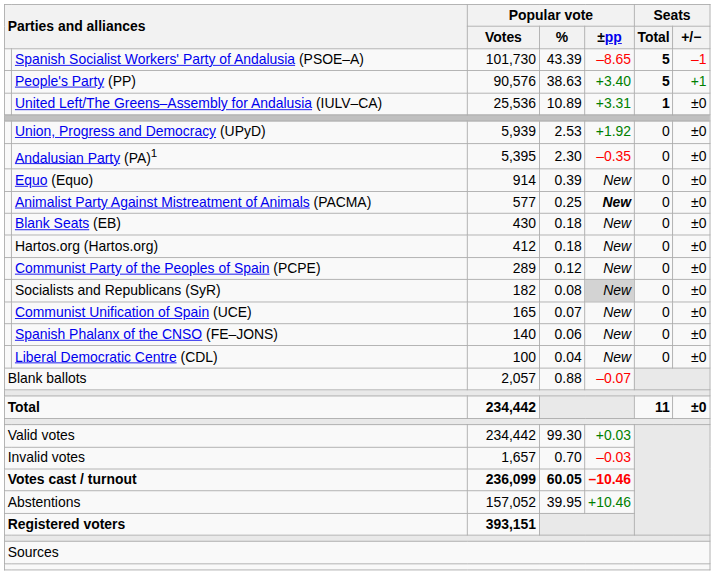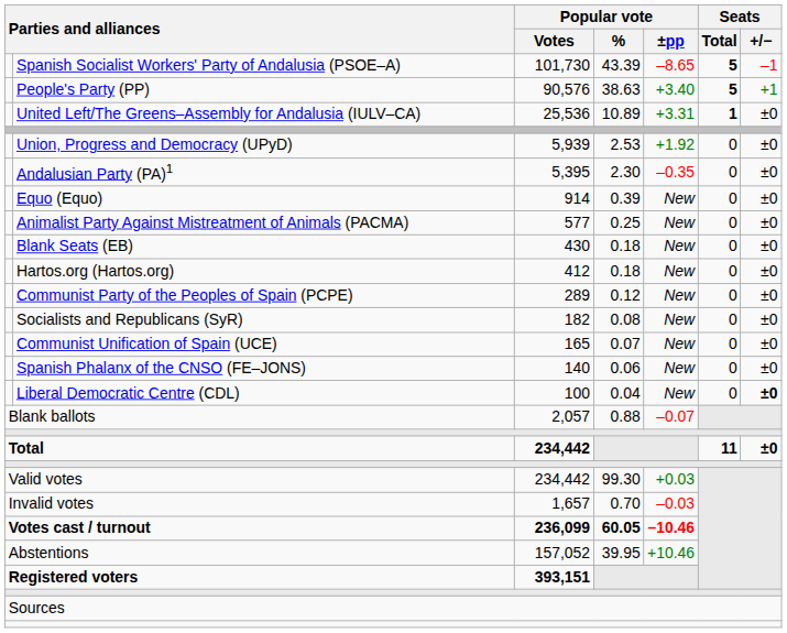 <table class="wikitable" style="text-align:right;">
 <tr>
 <th style="text-align:left;" rowspan="2" colspan="2" width="525">Parties and alliances</th>
 <th colspan="3">Popular vote</th>
 <th colspan="2">Seats</th>
 </tr>
 <tr>
 <th width="75">Votes</th>
 <th width="45">%</th>
 <th width="45">±<a href='#'>pp</a></th>
 <th width="35">Total</th>
 <th width="35">+/−</th>
 </tr>
 <tr>
 <td width="1" style="color:inherit;background:"></td>
 <td align="left"><a href='#'>Spanish Socialist Workers' Party of Andalusia</a> (PSOE–A)</td>
 <td>101,730</td>
 <td>43.39</td>
 <td style="color:red;">–8.65</td>
 <td><strong>5</strong></td>
 <td style="color:red;">–1</td>
 </tr>
 <tr>
 <td style="color:inherit;background:"></td>
 <td align="left"><a href='#'>People's Party</a> (PP)</td>
 <td>90,576</td>
 <td>38.63</td>
 <td style="color:green;">+3.40</td>
 <td><strong>5</strong></td>
 <td style="color:green;">+1</td>
 </tr>
 <tr>
 <td style="color:inherit;background:"></td>
 <td align="left"><a href='#'>United Left/The Greens–Assembly for Andalusia</a> (IULV–CA)</td>
 <td>25,536</td>
 <td>10.89</td>
 <td style="color:green;">+3.31</td>
 <td><strong>1</strong></td>
 <td>±0</td>
 </tr>
 <tr>
 <td colspan="7" bgcolor="#C0C0C0"></td>
 </tr>
 <tr>
 <td style="color:inherit;background:"></td>
 <td align="left"><a href='#'>Union, Progress and Democracy</a> (UPyD)</td>
 <td>5,939</td>
 <td>2.53</td>
 <td style="color:green;">+1.92</td>
 <td>0</td>
 <td>±0</td>
 </tr>
 <tr>
 <td style="color:inherit;background:"></td>
 <td align="left"><a href='#'>Andalusian Party</a> (PA)<sup>1</sup></td>
 <td>5,395</td>
 <td>2.30</td>
 <td style="color:red;">–0.35</td>
 <td>0</td>
 <td>±0</td>
 </tr>
 <tr>
 <td style="color:inherit;background:"></td>
 <td align="left"><a href='#'>Equo</a> (Equo)</td>
 <td>914</td>
 <td>0.39</td>
 <td><em>New</em></td>
 <td>0</td>
 <td>±0</td>
 </tr>
 <tr>
 <td style="color:inherit;background:"></td>
 <td align="left"><a href='#'>Animalist Party Against Mistreatment of Animals</a> (PACMA)</td>
 <td>577</td>
 <td>0.25</td>
-<td><strong><em>New</em></strong></td>
+<td><em>New</em></td>
 <td>0</td>
 <td>±0</td>
 </tr>
 <tr>
 <td style="color:inherit;background:"></td>
 <td align="left"><a href='#'>Blank Seats</a> (EB)</td>
 <td>430</td>
 <td>0.18</td>
 <td><em>New</em></td>
 <td>0</td>
 <td>±0</td>
 </tr>
 <tr>
 <td style="color:inherit;background:"></td>
 <td align="left">Hartos.org (Hartos.org)</td>
 <td>412</td>
 <td>0.18</td>
 <td><em>New</em></td>
 <td>0</td>
 <td>±0</td>
 </tr>
 <tr>
 <td style="color:inherit;background:"></td>
 <td align="left"><a href='#'>Communist Party of the Peoples of Spain</a> (PCPE)</td>
 <td>289</td>
 <td>0.12</td>
 <td><em>New</em></td>
 <td>0</td>
 <td>±0</td>
 </tr>
 <tr>
 <td style="color:inherit;background:"></td>
 <td align="left">Socialists and Republicans (SyR)</td>
 <td>182</td>
 <td>0.08</td>
-<td style="background: lightgrey;"><em>New</em></td>
+<td><em>New</em></td>
 <td>0</td>
 <td>±0</td>
 </tr>
 <tr>
 <td style="color:inherit;background:"></td>
 <td align="left"><a href='#'>Communist Unification of Spain</a> (UCE)</td>
 <td>165</td>
 <td>0.07</td>
 <td><em>New</em></td>
 <td>0</td>
 <td>±0</td>
 </tr>
 <tr>
 <td style="color:inherit;background:"></td>
 <td align="left"><a href='#'>Spanish Phalanx of the CNSO</a> (FE–JONS)</td>
 <td>140</td>
 <td>0.06</td>
 <td><em>New</em></td>
 <td>0</td>
 <td>±0</td>
 </tr>
 <tr>
 <td style="color:inherit;background:"></td>
 <td align="left"><a href='#'>Liberal Democratic Centre</a> (CDL)</td>
 <td>100</td>
 <td>0.04</td>
 <td><em>New</em></td>
 <td>0</td>
-<td>±0</td>
+<td><strong>±0</strong></td>
 </tr>
 <tr>
 <td align="left" colspan="2">Blank ballots</td>
 <td>2,057</td>
 <td>0.88</td>
 <td style="color:red;">–0.07</td>
 <td bgcolor="#E9E9E9" colspan="2"></td>
 </tr>
 <tr>
 <td colspan="7" bgcolor="#E9E9E9"></td>
 </tr>
 <tr style="font-weight:bold;">
 <td align="left" colspan="2">Total</td>
 <td>234,442</td>
 <td bgcolor="#E9E9E9" colspan="2"></td>
 <td>11</td>
 <td>±0</td>
 </tr>
 <tr>
 <td colspan="7" bgcolor="#E9E9E9"></td>
 </tr>
 <tr>
 <td align="left" colspan="2">Valid votes</td>
 <td>234,442</td>
 <td>99.30</td>
 <td style="color:green;">+0.03</td>
 <td bgcolor="#E9E9E9" colspan="2" rowspan="5"></td>
 </tr>
 <tr>
 <td align="left" colspan="2">Invalid votes</td>
 <td>1,657</td>
 <td>0.70</td>
 <td style="color:red;">–0.03</td>
 </tr>
 <tr style="font-weight:bold;">
 <td align="left" colspan="2">Votes cast / turnout</td>
 <td>236,099</td>
 <td>60.05</td>
 <td style="color:red;">–10.46</td>
 </tr>
 <tr>
 <td align="left" colspan="2">Abstentions</td>
 <td>157,052</td>
 <td>39.95</td>
 <td style="color:green;">+10.46</td>
 </tr>
 <tr style="font-weight:bold;">
 <td align="left" colspan="2">Registered voters</td>
 <td>393,151</td>
 <td bgcolor="#E9E9E9" colspan="2"></td>
 </tr>
 <tr>
 <td colspan="7" bgcolor="#E9E9E9"></td>
 </tr>
 <tr>
 <td align="left" colspan="7">Sources</td>
 </tr>
 <tr>
 <td colspan="7" style="text-align:left; max-width:790px;"></td>
 </tr>
 </table>
